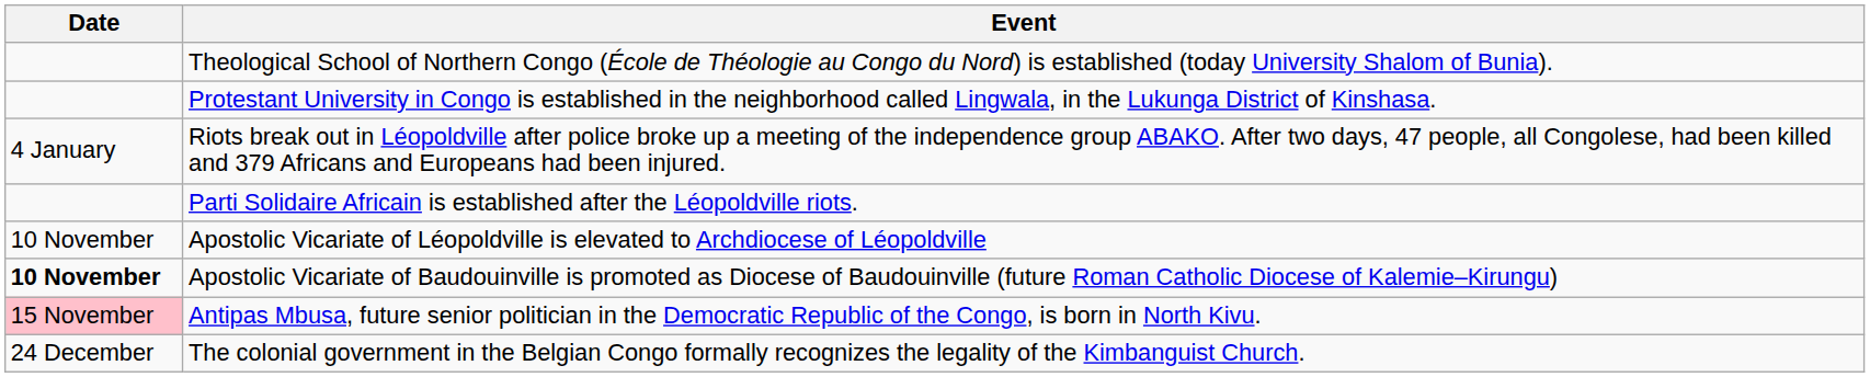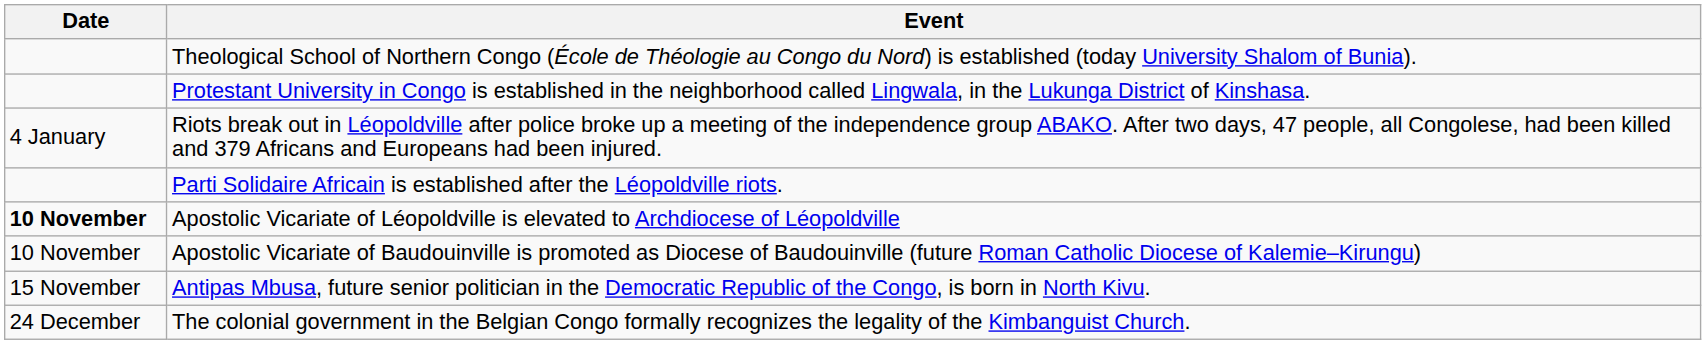 <table class=wikitable>
 <tr>
 <th style="width:7em">Date</th>
 <th>Event</th>
 </tr>
 <tr>
 <td></td>
 <td>Theological School of Northern Congo (<em>École de Théologie au Congo du Nord</em>) is established (today <a href='#'>University Shalom of Bunia</a>).</td>
 </tr>
 <tr>
 <td></td>
 <td><a href='#'>Protestant University in Congo</a> is established in the neighborhood called <a href='#'>Lingwala</a>, in the <a href='#'>Lukunga District</a> of <a href='#'>Kinshasa</a>.</td>
 </tr>
 <tr>
 <td>4 January</td>
 <td>Riots break out in <a href='#'>Léopoldville</a> after police broke up a meeting of the independence group <a href='#'>ABAKO</a>. After two days, 47 people, all Congolese, had been killed and 379 Africans and Europeans had been injured.</td>
 </tr>
 <tr>
 <td></td>
 <td><a href='#'>Parti Solidaire Africain</a> is established after the <a href='#'>Léopoldville riots</a>.</td>
 </tr>
 <tr>
-<td>10 November</td>
+<td><strong>10 November</strong></td>
 <td>Apostolic Vicariate of Léopoldville is elevated to <a href='#'>Archdiocese of Léopoldville</a></td>
 </tr>
 <tr>
-<td><strong>10 November</strong></td>
+<td>10 November</td>
 <td>Apostolic Vicariate of Baudouinville is promoted as Diocese of Baudouinville (future <a href='#'>Roman Catholic Diocese of Kalemie–Kirungu</a>)</td>
 </tr>
 <tr>
-<td style="background: pink;">15 November</td>
+<td>15 November</td>
 <td><a href='#'>Antipas Mbusa</a>, future senior politician in the <a href='#'>Democratic Republic of the Congo</a>, is born in <a href='#'>North Kivu</a>.</td>
 </tr>
 <tr>
 <td>24 December</td>
 <td>The colonial government in the Belgian Congo formally recognizes the legality of the <a href='#'>Kimbanguist Church</a>.</td>
 </tr>
 </table>
